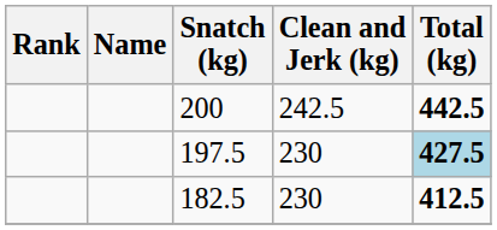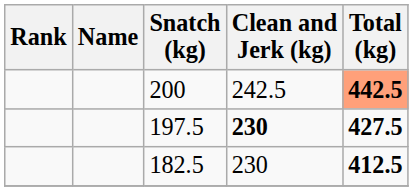 <table class="wikitable">
 <tr>
 <th>Rank</th>
 <th>Name</th>
 <th>Snatch <br> (kg)</th>
 <th>Clean and <br> Jerk (kg)</th>
 <th>Total <br> (kg)</th>
 </tr>
 <tr>
 <td align=center></td>
 <td></td>
 <td>200</td>
 <td>242.5</td>
-<td><strong>442.5</strong></td>
+<td style="background: lightsalmon;"><strong>442.5</strong></td>
 </tr>
 <tr>
 <td align=center></td>
 <td></td>
 <td>197.5</td>
-<td>230</td>
-<td style="background: lightblue;"><strong>427.5</strong></td>
+<td><strong>230</strong></td>
+<td><strong>427.5</strong></td>
 </tr>
 <tr>
 <td align=center></td>
 <td></td>
 <td>182.5</td>
 <td>230</td>
 <td><strong>412.5</strong></td>
 </tr>
 <tr>
 </tr>
 </table>
